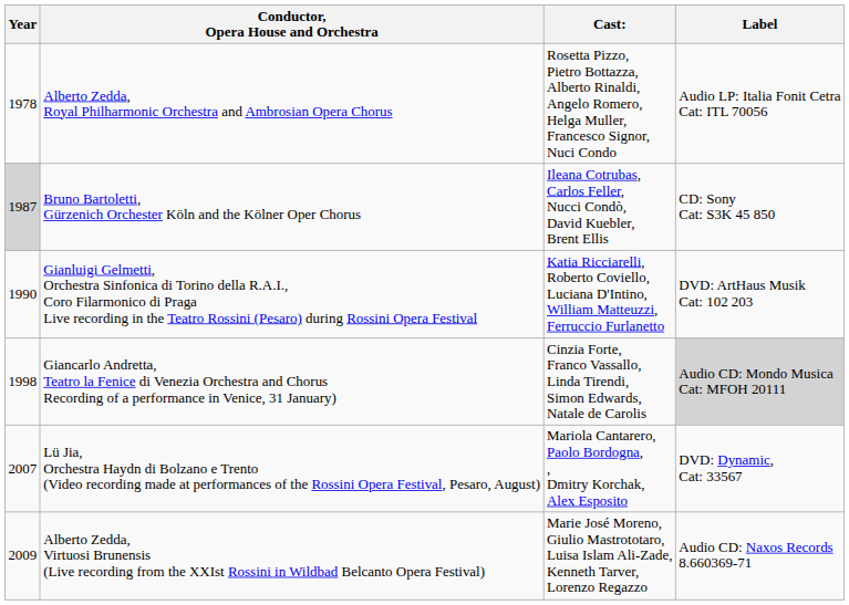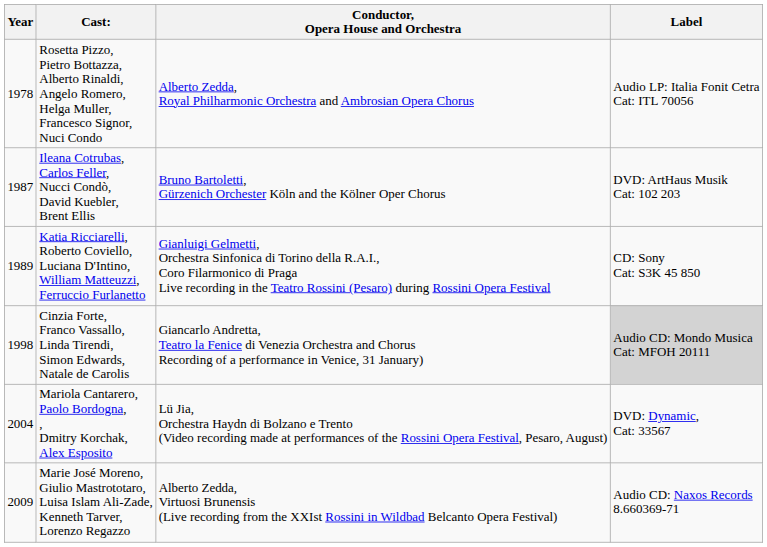 <table class="wikitable">
 <tr>
 <th>Year</th>
+<th>Cast:</th>
 <th>Conductor,<br>Opera House and Orchestra</th>
-<th>Cast:</th>
 <th>Label</th>
 </tr>
 <tr>
 <td>1978</td>
+<td>Rosetta Pizzo,<br>Pietro Bottazza,<br>Alberto Rinaldi,<br>Angelo Romero,<br>Helga Muller,<br>Francesco Signor,<br>Nuci Condo</td>
 <td><a href='#'>Alberto Zedda</a>,<br><a href='#'>Royal Philharmonic Orchestra</a> and <a href='#'>Ambrosian Opera Chorus</a></td>
-<td>Rosetta Pizzo,<br>Pietro Bottazza,<br>Alberto Rinaldi,<br>Angelo Romero,<br>Helga Muller,<br>Francesco Signor,<br>Nuci Condo</td>
 <td>Audio LP: Italia Fonit Cetra<br>Cat: ITL 70056</td>
 </tr>
 <tr>
-<td style="background: lightgrey;">1987</td>
+<td>1987</td>
+<td><a href='#'>Ileana Cotrubas</a>,<br><a href='#'>Carlos Feller</a>,<br>Nucci Condò,<br>David Kuebler,<br>Brent Ellis</td>
 <td><a href='#'>Bruno Bartoletti</a>,<br><a href='#'>Gürzenich Orchester</a> Köln and the Kölner Oper Chorus</td>
-<td><a href='#'>Ileana Cotrubas</a>,<br><a href='#'>Carlos Feller</a>,<br>Nucci Condò,<br>David Kuebler,<br>Brent Ellis</td>
+<td>DVD: ArtHaus Musik<br>Cat: 102 203</td>
+</tr>
+<tr>
+<td>1989</td>
+<td><a href='#'>Katia Ricciarelli</a>,<br>Roberto Coviello,<br>Luciana D'Intino,<br><a href='#'>William Matteuzzi</a>,<br><a href='#'>Ferruccio Furlanetto</a></td>
+<td><a href='#'>Gianluigi Gelmetti</a>,<br>Orchestra Sinfonica di Torino della R.A.I.,<br>Coro Filarmonico di Praga<br>Live recording in the <a href='#'>Teatro Rossini (Pesaro)</a> during <a href='#'>Rossini Opera Festival</a></td>
 <td>CD: Sony<br>Cat: S3K 45 850</td>
 </tr>
 <tr>
-<td>1990</td>
-<td><a href='#'>Gianluigi Gelmetti</a>,<br>Orchestra Sinfonica di Torino della R.A.I.,<br>Coro Filarmonico di Praga<br>Live recording in the <a href='#'>Teatro Rossini (Pesaro)</a> during <a href='#'>Rossini Opera Festival</a></td>
-<td><a href='#'>Katia Ricciarelli</a>,<br>Roberto Coviello,<br>Luciana D'Intino,<br><a href='#'>William Matteuzzi</a>,<br><a href='#'>Ferruccio Furlanetto</a></td>
-<td>DVD: ArtHaus Musik<br>Cat: 102 203</td>
-</tr>
-<tr>
 <td>1998</td>
+<td>Cinzia Forte,<br>Franco Vassallo,<br>Linda Tirendi,<br>Simon Edwards,<br>Natale de Carolis</td>
 <td>Giancarlo Andretta,<br><a href='#'>Teatro la Fenice</a> di Venezia Orchestra and Chorus<br>Recording of a performance in Venice, 31 January)</td>
-<td>Cinzia Forte,<br>Franco Vassallo,<br>Linda Tirendi,<br>Simon Edwards,<br>Natale de Carolis</td>
 <td style="background: lightgrey;">Audio CD: Mondo Musica<br>Cat: MFOH 20111</td>
 </tr>
 <tr>
-<td>2007</td>
+<td>2004</td>
+<td>Mariola Cantarero,<br><a href='#'>Paolo Bordogna</a>,<br>,<br>Dmitry Korchak,<br><a href='#'>Alex Esposito</a></td>
 <td>Lü Jia,<br>Orchestra Haydn di Bolzano e Trento<br>(Video recording made at performances of the <a href='#'>Rossini Opera Festival</a>, Pesaro, August)</td>
-<td>Mariola Cantarero,<br><a href='#'>Paolo Bordogna</a>,<br>,<br>Dmitry Korchak,<br><a href='#'>Alex Esposito</a></td>
 <td>DVD: <a href='#'>Dynamic</a>,<br>Cat: 33567</td>
 </tr>
 <tr>
 <td>2009</td>
+<td>Marie José Moreno, <br>Giulio Mastrototaro, <br>Luisa Islam Ali-Zade, <br>Kenneth Tarver, <br>Lorenzo Regazzo</td>
 <td>Alberto Zedda,<br>Virtuosi Brunensis<br> (Live recording from the XXIst <a href='#'>Rossini in Wildbad</a> Belcanto Opera Festival)</td>
-<td>Marie José Moreno, <br>Giulio Mastrototaro, <br>Luisa Islam Ali-Zade, <br>Kenneth Tarver, <br>Lorenzo Regazzo</td>
 <td>Audio CD: <a href='#'>Naxos Records</a> <br>8.660369-71</td>
 </tr>
 </table>
